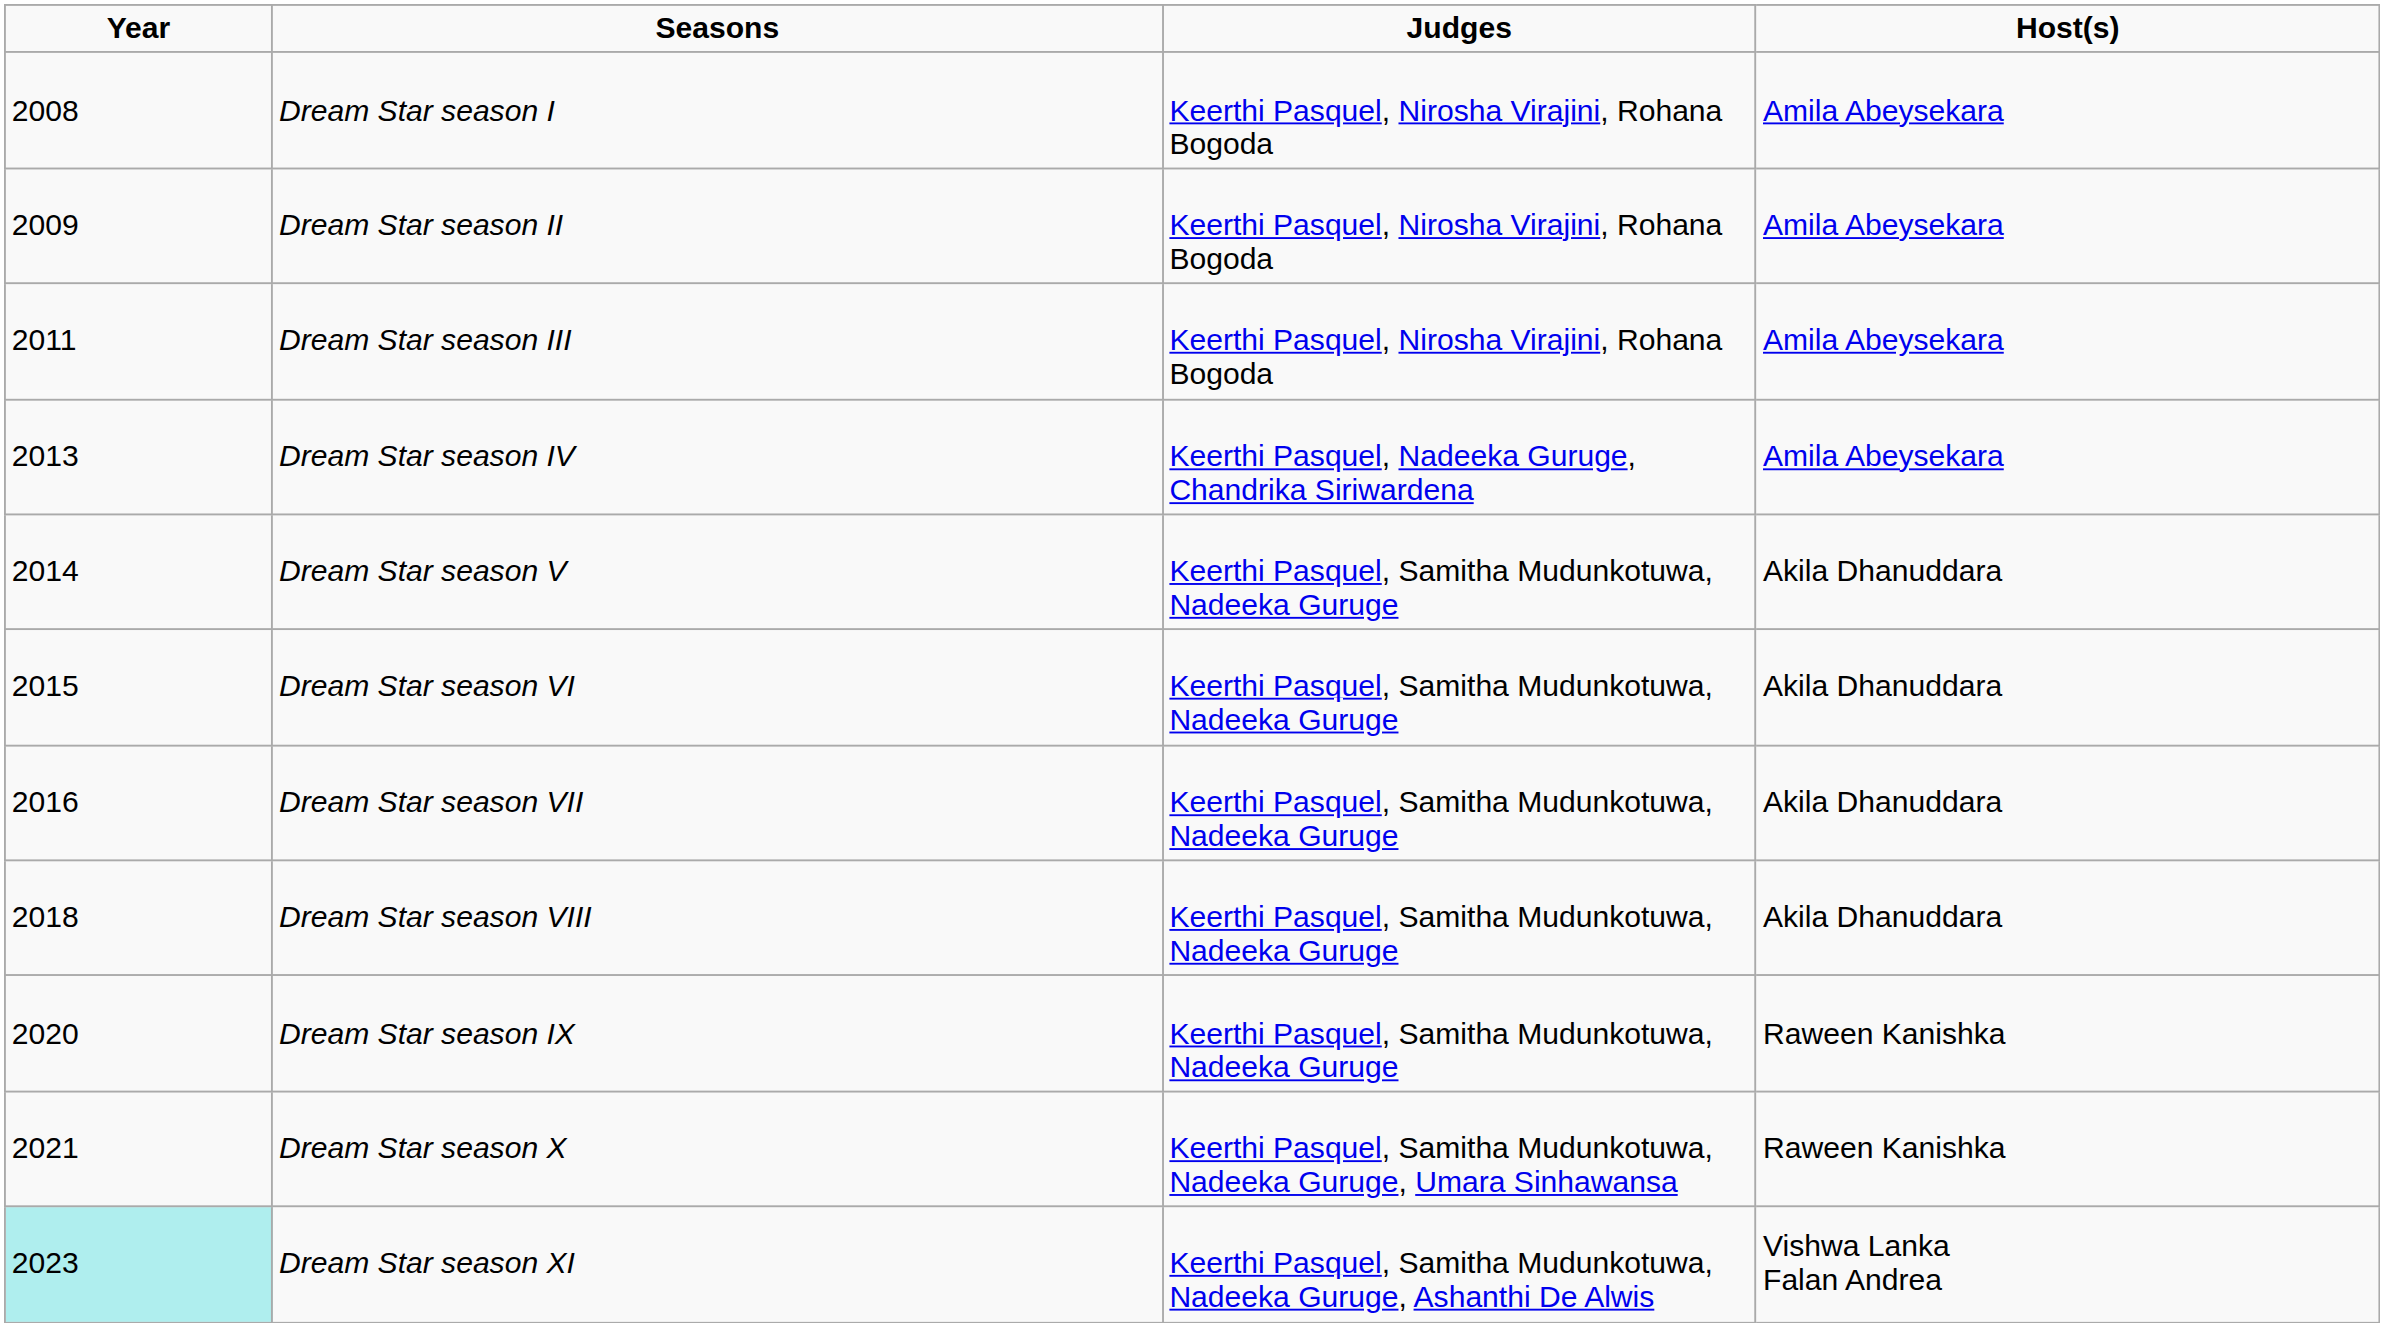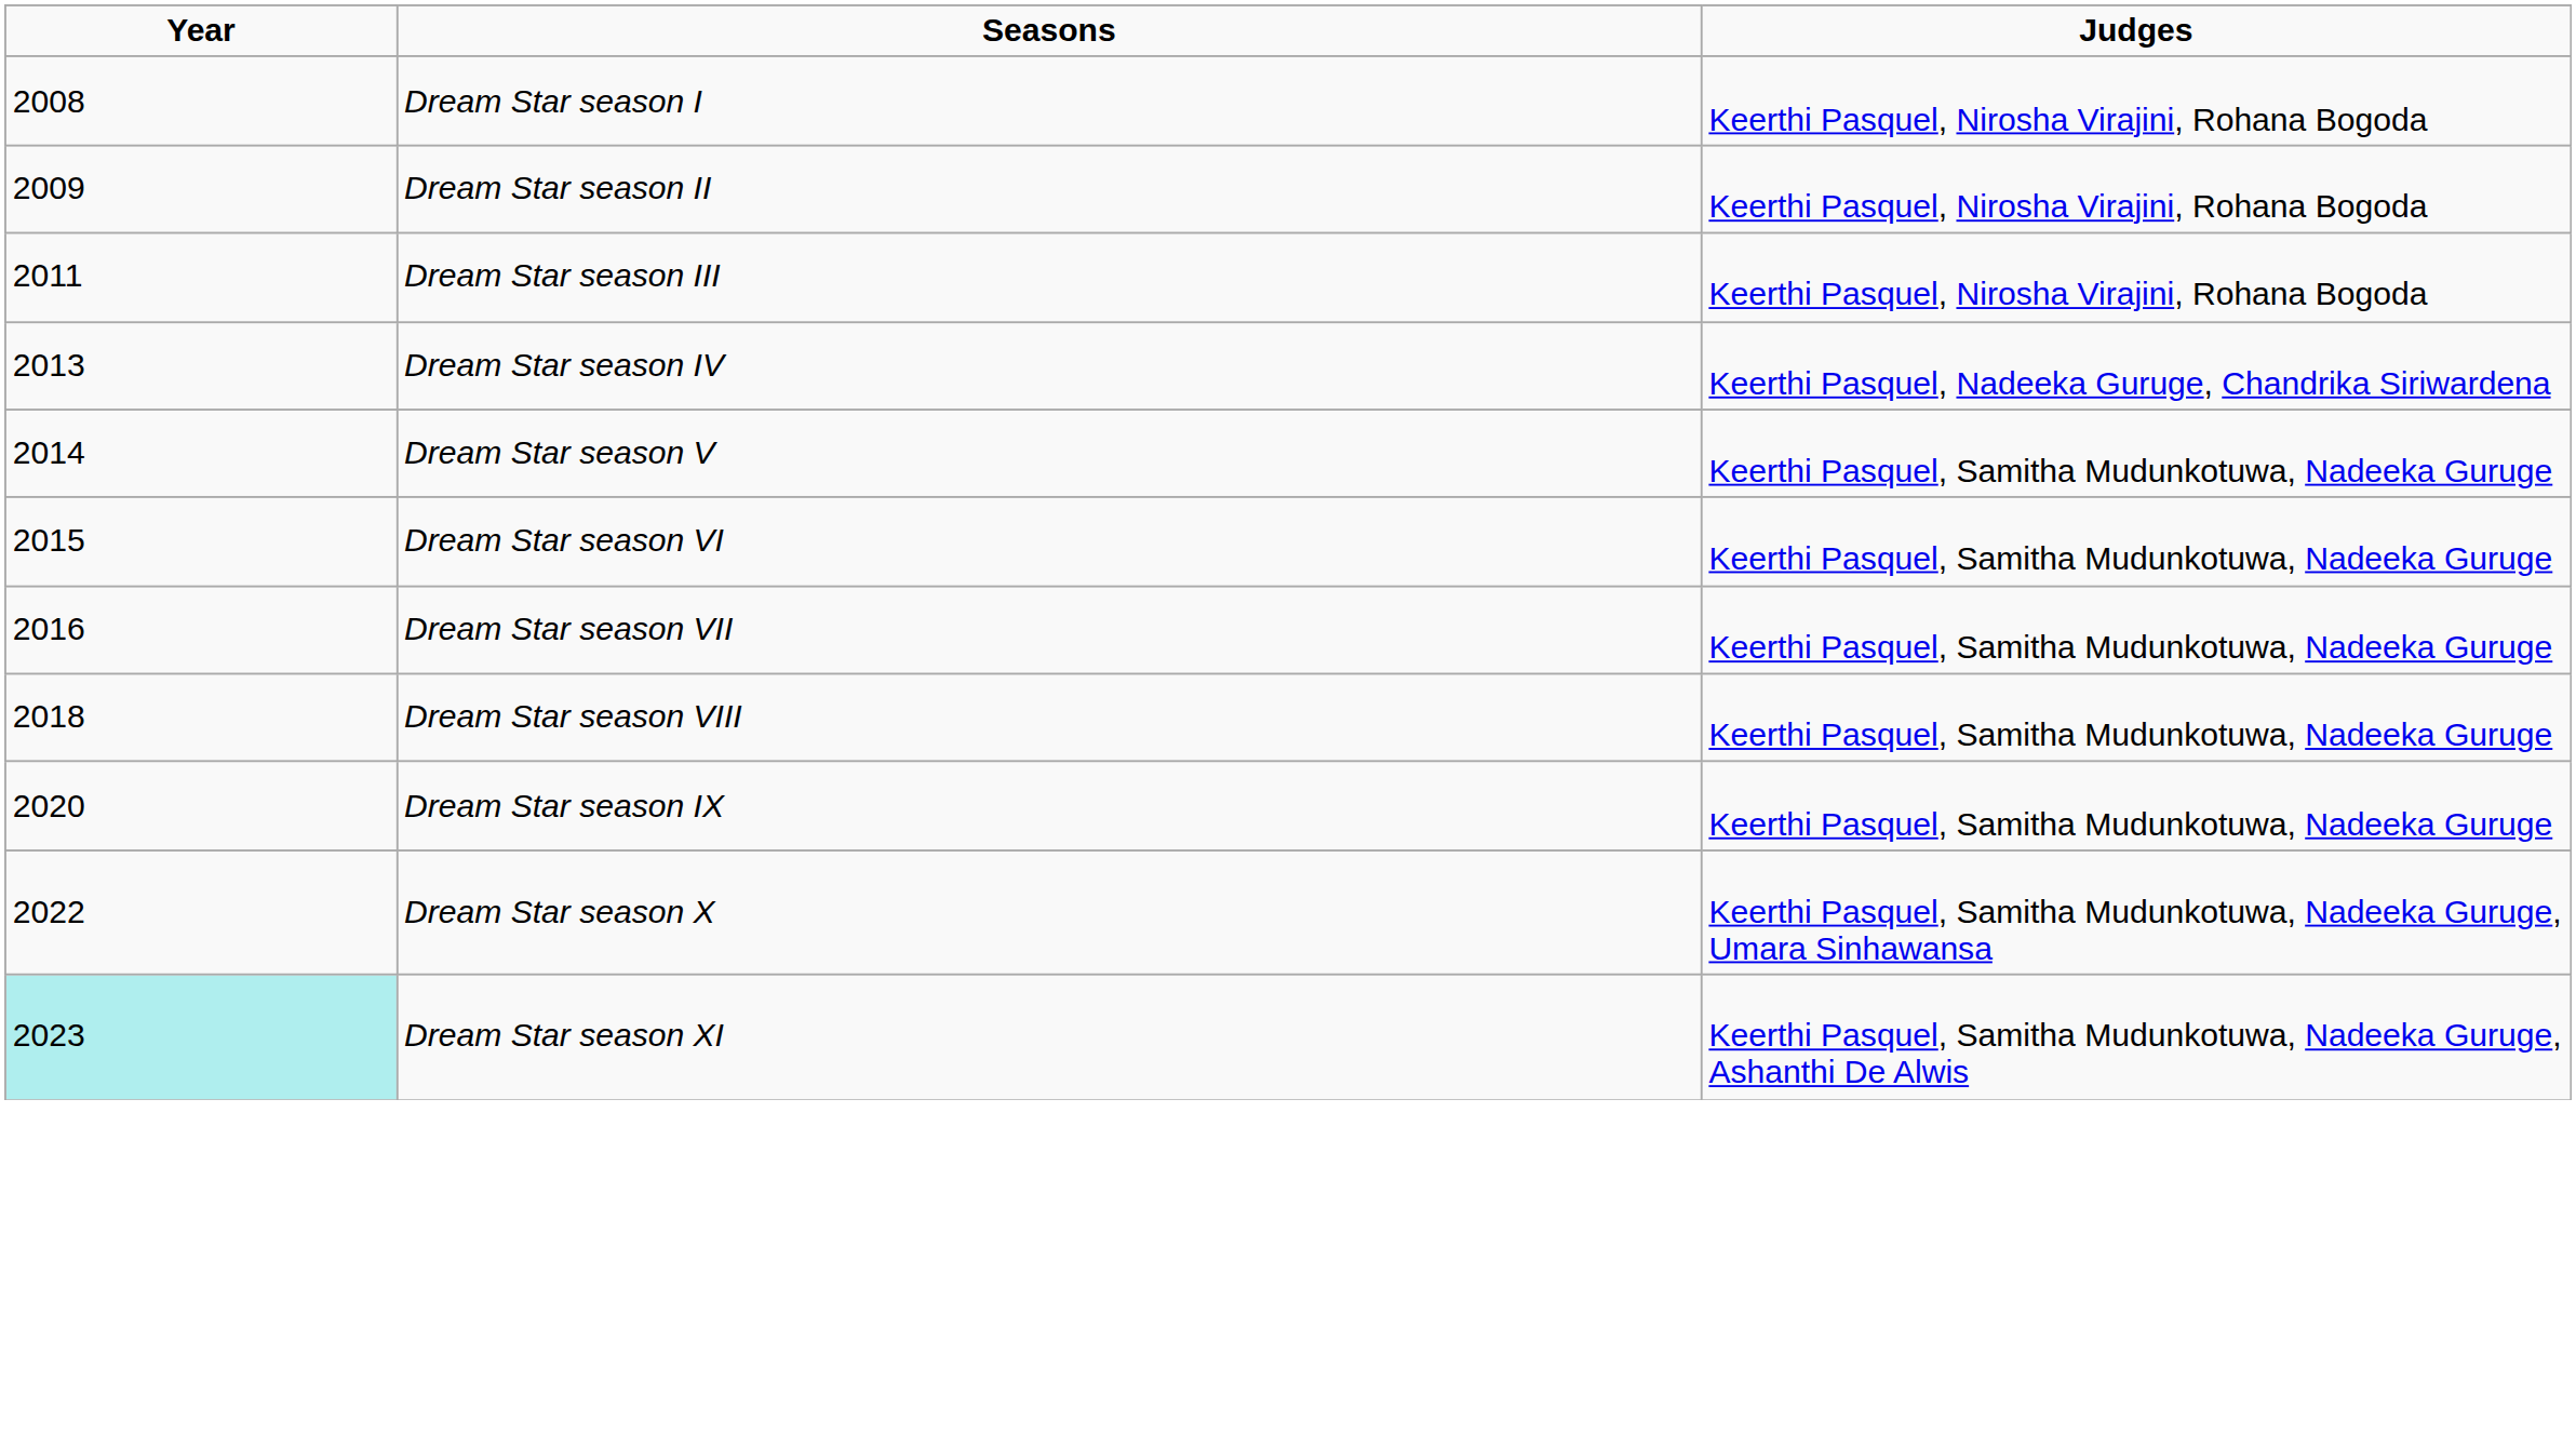 <table class="wikitable plainrowheaders" style="width:100%;" textcolor:#000;">
 <tr style="text-align:center;">
 <td scope="col" style="width:09%;"><strong>Year</strong></td>
 <td scope="col" style="width:30%;"><strong>Seasons</strong></td>
 <td scope="col" style="width:20%;"><strong>Judges</strong></td>
-<td scope="col" style="width:21%;"><strong>Host(s)</strong></td>
 </tr>
 <tr>
 <td>2008</td>
 <td><em>Dream Star season I</em></td>
 <td><br><a href='#'>Keerthi Pasquel</a>, <a href='#'>Nirosha Virajini</a>, Rohana Bogoda</td>
-<td><a href='#'>Amila Abeysekara</a></td>
 </tr>
 <tr>
 <td>2009</td>
 <td><em>Dream Star season II</em></td>
 <td><br><a href='#'>Keerthi Pasquel</a>, <a href='#'>Nirosha Virajini</a>, Rohana Bogoda</td>
-<td><a href='#'>Amila Abeysekara</a></td>
 </tr>
 <tr>
 <td>2011</td>
 <td><em>Dream Star season III</em></td>
 <td><br><a href='#'>Keerthi Pasquel</a>, <a href='#'>Nirosha Virajini</a>, Rohana Bogoda</td>
-<td><a href='#'>Amila Abeysekara</a></td>
 </tr>
 <tr>
 <td>2013</td>
 <td><em>Dream Star season IV</em></td>
 <td><br><a href='#'>Keerthi Pasquel</a>, <a href='#'>Nadeeka Guruge</a>, <a href='#'>Chandrika Siriwardena</a></td>
-<td><a href='#'>Amila Abeysekara</a></td>
 </tr>
 <tr>
 <td>2014</td>
 <td><em>Dream Star season V</em></td>
 <td><br><a href='#'>Keerthi Pasquel</a>, Samitha Mudunkotuwa, <a href='#'>Nadeeka Guruge</a></td>
-<td>Akila Dhanuddara</td>
 </tr>
 <tr>
 <td>2015</td>
 <td><em>Dream Star season VI</em></td>
 <td><br><a href='#'>Keerthi Pasquel</a>, Samitha Mudunkotuwa, <a href='#'>Nadeeka Guruge</a></td>
-<td>Akila Dhanuddara</td>
 </tr>
 <tr>
 <td>2016</td>
 <td><em>Dream Star season VII</em></td>
 <td><br><a href='#'>Keerthi Pasquel</a>, Samitha Mudunkotuwa, <a href='#'>Nadeeka Guruge</a></td>
-<td>Akila Dhanuddara</td>
 </tr>
 <tr>
 <td>2018</td>
 <td><em>Dream Star season VIII</em></td>
 <td><br><a href='#'>Keerthi Pasquel</a>, Samitha Mudunkotuwa, <a href='#'>Nadeeka Guruge</a></td>
-<td>Akila Dhanuddara</td>
 </tr>
 <tr>
 <td>2020</td>
 <td><em>Dream Star season  IX</em></td>
 <td><br><a href='#'>Keerthi Pasquel</a>, Samitha Mudunkotuwa, <a href='#'>Nadeeka Guruge</a></td>
-<td>Raween Kanishka</td>
 </tr>
 <tr>
-<td>2021</td>
+<td>2022</td>
 <td><em>Dream Star season  X</em></td>
 <td><br><a href='#'>Keerthi Pasquel</a>, Samitha Mudunkotuwa, <a href='#'>Nadeeka Guruge</a>, <a href='#'>Umara Sinhawansa</a></td>
-<td>Raween Kanishka</td>
 </tr>
 <tr>
 <td style="background: paleturquoise;">2023</td>
 <td><em>Dream Star season  XI</em></td>
 <td><br><a href='#'>Keerthi Pasquel</a>, Samitha Mudunkotuwa, <a href='#'>Nadeeka Guruge</a>, <a href='#'>Ashanthi De Alwis</a></td>
-<td>Vishwa Lanka<br>Falan Andrea</td>
 </tr>
 </table>
